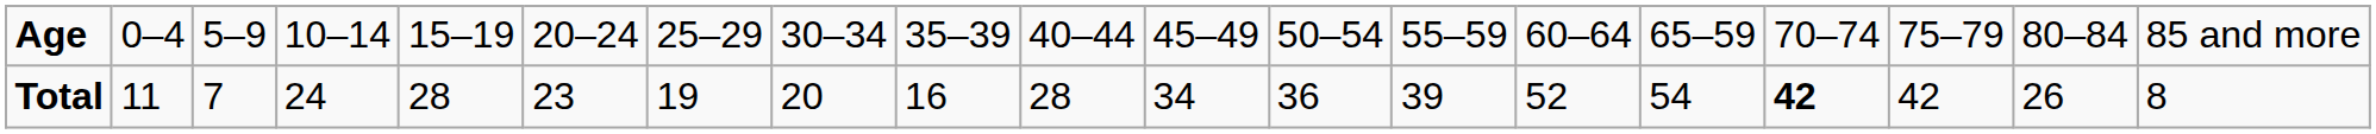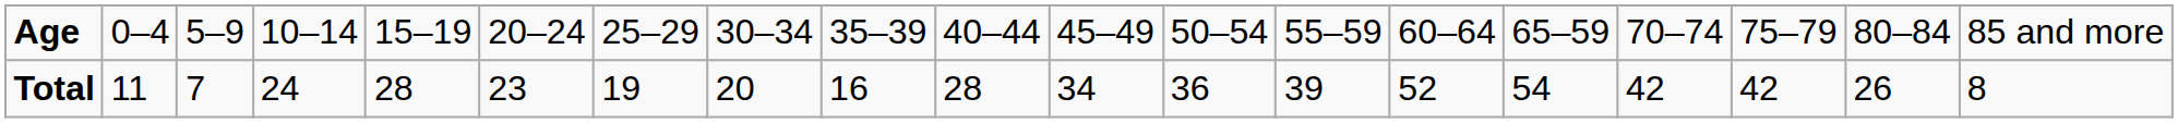 <table class="wikitable">
 <tr>
 <td><strong>Age</strong></td>
 <td>0–4</td>
 <td>5–9</td>
 <td>10–14</td>
 <td>15–19</td>
 <td>20–24</td>
 <td>25–29</td>
 <td>30–34</td>
 <td>35–39</td>
 <td>40–44</td>
 <td>45–49</td>
 <td>50–54</td>
 <td>55–59</td>
 <td>60–64</td>
 <td>65–59</td>
 <td>70–74</td>
 <td>75–79</td>
 <td>80–84</td>
 <td>85 and more</td>
 </tr>
 <tr>
 <td><strong>Total</strong></td>
 <td>11</td>
 <td>7</td>
 <td>24</td>
 <td>28</td>
 <td>23</td>
 <td>19</td>
 <td>20</td>
 <td>16</td>
 <td>28</td>
 <td>34</td>
 <td>36</td>
 <td>39</td>
 <td>52</td>
 <td>54</td>
-<td><strong>42</strong></td>
+<td>42</td>
 <td>42</td>
 <td>26</td>
 <td>8</td>
 </tr>
 </table>
